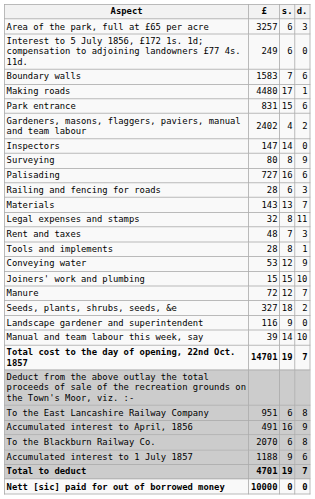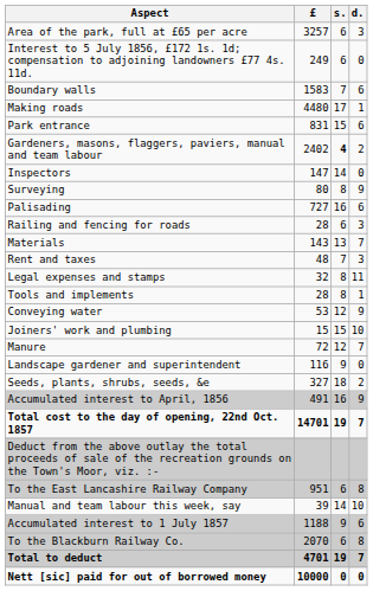 <table class="wikitable" style="font-size: 85%;">
 <tr>
 <th width="300">Aspect</th>
 <th style="align:right;">£</th>
 <th>s.</th>
 <th>d.</th>
 </tr>
 <tr>
 <td>Area of the park, full  at £65 per acre</td>
 <td align="right">3257</td>
 <td align="right">6</td>
 <td align="right">3</td>
 </tr>
 <tr>
 <td>Interest to 5 July 1856, £172 1s. 1d; compensation to adjoining landowners £77 4s. 11d.</td>
 <td align="right">249</td>
 <td align="right">6</td>
 <td align="right">0</td>
 </tr>
 <tr>
 <td>Boundary walls</td>
 <td align="right">1583</td>
 <td align="right">7</td>
 <td align="right">6</td>
 </tr>
 <tr>
 <td>Making roads</td>
 <td align="right">4480</td>
 <td align="right">17</td>
 <td align="right">1</td>
 </tr>
 <tr>
 <td>Park entrance</td>
 <td align="right">831</td>
 <td align="right">15</td>
 <td align="right">6</td>
 </tr>
 <tr>
 <td>Gardeners, masons, flaggers, paviers, manual and team labour</td>
 <td align="right">2402</td>
-<td align="right">4</td>
+<td align="right"><strong>4</strong></td>
 <td align="right">2</td>
 </tr>
 <tr>
 <td>Inspectors</td>
 <td align="right">147</td>
 <td align="right">14</td>
 <td align="right">0</td>
 </tr>
 <tr>
 <td>Surveying</td>
 <td align="right">80</td>
 <td align="right">8</td>
 <td align="right">9</td>
 </tr>
 <tr>
 <td>Palisading</td>
 <td align="right">727</td>
 <td align="right">16</td>
 <td align="right">6</td>
 </tr>
 <tr>
 <td>Railing and fencing for roads</td>
 <td align="right">28</td>
 <td align="right">6</td>
 <td align="right">3</td>
 </tr>
 <tr>
 <td>Materials</td>
 <td align="right">143</td>
 <td align="right">13</td>
 <td align="right">7</td>
 </tr>
 <tr>
+<td>Rent and taxes</td>
+<td align="right">48</td>
+<td align="right">7</td>
+<td align="right">3</td>
+</tr>
+<tr>
 <td>Legal expenses and stamps</td>
 <td align="right">32</td>
 <td align="right">8</td>
 <td align="right">11</td>
-</tr>
-<tr>
-<td>Rent and taxes</td>
-<td align="right">48</td>
-<td align="right">7</td>
-<td align="right">3</td>
 </tr>
 <tr>
 <td>Tools and implements</td>
 <td align="right">28</td>
 <td align="right">8</td>
 <td align="right">1</td>
 </tr>
 <tr>
 <td>Conveying water</td>
 <td align="right">53</td>
 <td align="right">12</td>
 <td align="right">9</td>
 </tr>
 <tr>
 <td>Joiners' work and plumbing</td>
 <td align="right">15</td>
 <td align="right">15</td>
 <td align="right">10</td>
 </tr>
 <tr>
 <td>Manure</td>
 <td align="right">72</td>
 <td align="right">12</td>
 <td align="right">7</td>
 </tr>
 <tr>
-<td>Seeds, plants, shrubs, seeds, &e</td>
-<td align="right">327</td>
-<td align="right">18</td>
-<td align="right">2</td>
-</tr>
-<tr>
 <td>Landscape gardener and superintendent</td>
 <td align="right">116</td>
 <td align="right">9</td>
 <td align="right">0</td>
 </tr>
 <tr>
-<td>Manual and team labour this week, say</td>
-<td align="right">39</td>
-<td align="right">14</td>
-<td align="right">10</td>
+<td>Seeds, plants, shrubs, seeds, &e</td>
+<td align="right">327</td>
+<td align="right">18</td>
+<td align="right">2</td>
+</tr>
+<tr bgcolor="#cccccc">
+<td>Accumulated interest to April, 1856</td>
+<td align="right">491</td>
+<td align="right">16</td>
+<td align="right">9</td>
 </tr>
 <tr>
 <td><strong>Total cost to the day of opening, 22nd Oct. 1857</strong></td>
 <td align="right"><strong>14701</strong></td>
 <td align="right"><strong>19</strong></td>
 <td align="right"><strong>7</strong></td>
 </tr>
 <tr bgcolor="#cccccc">
 <td>Deduct from the above outlay the total proceeds of sale of the recreation grounds on the Town's Moor, viz. :-</td>
 <td></td>
 <td></td>
 <td></td>
 </tr>
 <tr bgcolor="#cccccc">
 <td>To the East Lancashire Railway Company</td>
 <td align="right">951</td>
 <td align="right">6</td>
 <td align="right">8</td>
 </tr>
+<tr>
+<td>Manual and team labour this week, say</td>
+<td align="right">39</td>
+<td align="right">14</td>
+<td align="right">10</td>
+</tr>
 <tr bgcolor="#cccccc">
-<td>Accumulated interest to April, 1856</td>
-<td align="right">491</td>
-<td align="right">16</td>
+<td>Accumulated interest to 1 July 1857</td>
+<td align="right">1188</td>
 <td align="right">9</td>
+<td align="right">6</td>
 </tr>
 <tr bgcolor="#cccccc">
 <td>To the Blackburn Railway Co.</td>
 <td align="right">2070</td>
 <td align="right">6</td>
 <td align="right">8</td>
-</tr>
-<tr bgcolor="#cccccc">
-<td>Accumulated interest to 1 July 1857</td>
-<td align="right">1188</td>
-<td align="right">9</td>
-<td align="right">6</td>
 </tr>
 <tr bgcolor="#cccccc">
 <td><strong>Total to deduct</strong></td>
 <td align="right"><strong>4701</strong></td>
 <td align="right"><strong>19</strong></td>
 <td align="right"><strong>7</strong></td>
 </tr>
 <tr>
 <td><strong>Nett [sic] paid for out of borrowed money</strong></td>
 <td align="right"><strong>10000</strong></td>
 <td align="right"><strong>0</strong></td>
 <td align="right"><strong>0</strong></td>
 </tr>
 </table>
